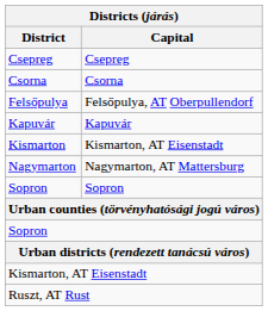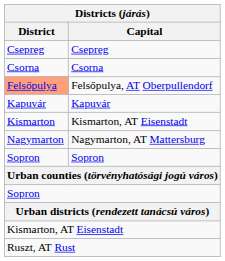 <table class="wikitable">
 <tr>
 <th colspan=2>Districts (<em>járás</em>)</th>
 </tr>
 <tr>
 <th>District</th>
 <th>Capital</th>
 </tr>
 <tr>
 <td><a href='#'>Csepreg</a></td>
 <td><a href='#'>Csepreg</a></td>
 </tr>
 <tr>
 <td><a href='#'>Csorna</a></td>
 <td><a href='#'>Csorna</a></td>
 </tr>
 <tr>
-<td><a href='#'>Felsőpulya</a></td>
+<td style="background: lightsalmon;"><a href='#'>Felsőpulya</a></td>
 <td>Felsőpulya, <a href='#'>AT</a> <a href='#'>Oberpullendorf</a></td>
 </tr>
 <tr>
 <td><a href='#'>Kapuvár</a></td>
 <td><a href='#'>Kapuvár</a></td>
 </tr>
 <tr>
 <td><a href='#'>Kismarton</a></td>
 <td>Kismarton, AT <a href='#'>Eisenstadt</a></td>
 </tr>
 <tr>
 <td><a href='#'>Nagymarton</a></td>
 <td>Nagymarton, AT <a href='#'>Mattersburg</a></td>
 </tr>
 <tr>
 <td><a href='#'>Sopron</a></td>
 <td><a href='#'>Sopron</a></td>
 </tr>
 <tr>
 <th colspan=2>Urban counties (<em>törvényhatósági jogú város</em>)</th>
 </tr>
 <tr>
 <td colspan=2><a href='#'>Sopron</a></td>
 </tr>
 <tr>
 <th colspan=2>Urban districts (<em>rendezett tanácsú város</em>)</th>
 </tr>
 <tr>
 <td colspan=2>Kismarton, AT <a href='#'>Eisenstadt</a></td>
 </tr>
 <tr>
 <td colspan=2>Ruszt, AT <a href='#'>Rust</a></td>
 </tr>
 </table>
